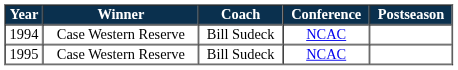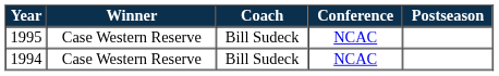 <table bcellpadding="1" border="1" cellspacing="0" style="width:80%;"valign="top">
 <tr>
 <th - style="background:#0A304E; color:white">Year</th>
 <th - style="background:#0A304E; color:white">Winner</th>
 <th - style="background:#0A304E; color:white">Coach</th>
 <th - style="background:#0A304E; color:white">Conference</th>
 <th - style="background:#0A304E; color:white">Postseason</th>
 </tr>
 <tr style="text-align:center;">
-<td>1994</td>
+<td>1995</td>
 <td>Case Western Reserve</td>
 <td>Bill Sudeck</td>
 <td><a href='#'>NCAC</a></td>
 <td></td>
 </tr>
 <tr style="text-align:center;">
-<td>1995</td>
+<td>1994</td>
 <td>Case Western Reserve</td>
 <td>Bill Sudeck</td>
 <td><a href='#'>NCAC</a></td>
 <td></td>
 </tr>
 <tr style="text-align:center;">
 </tr>
 </table>
